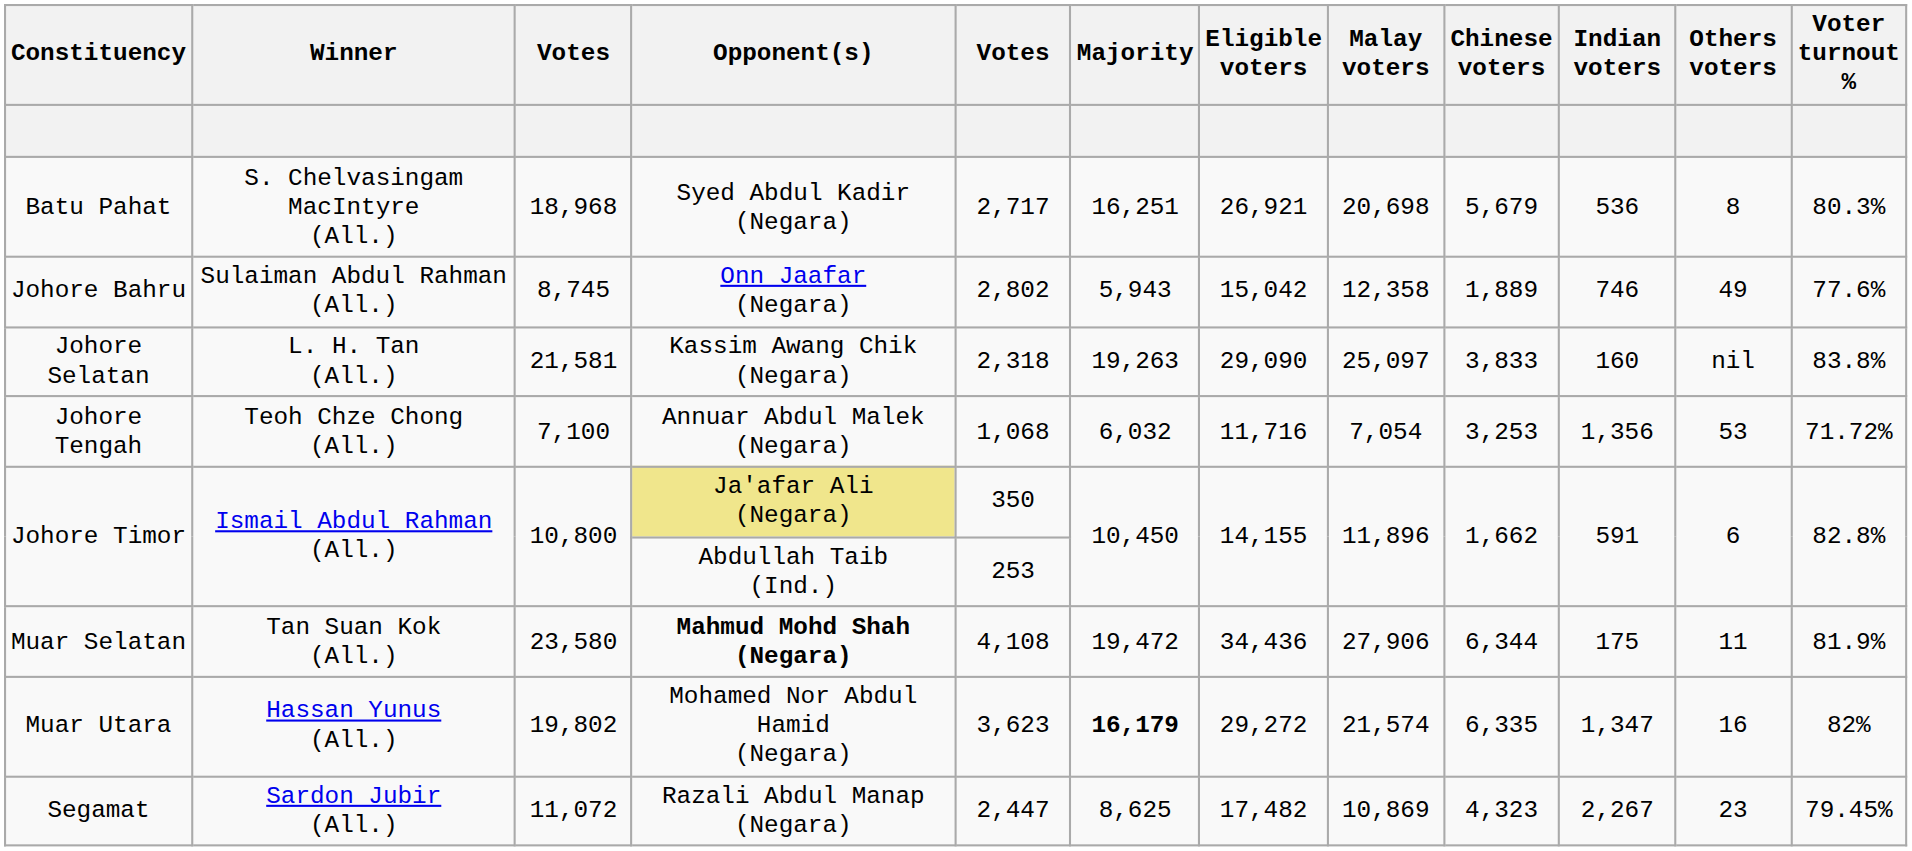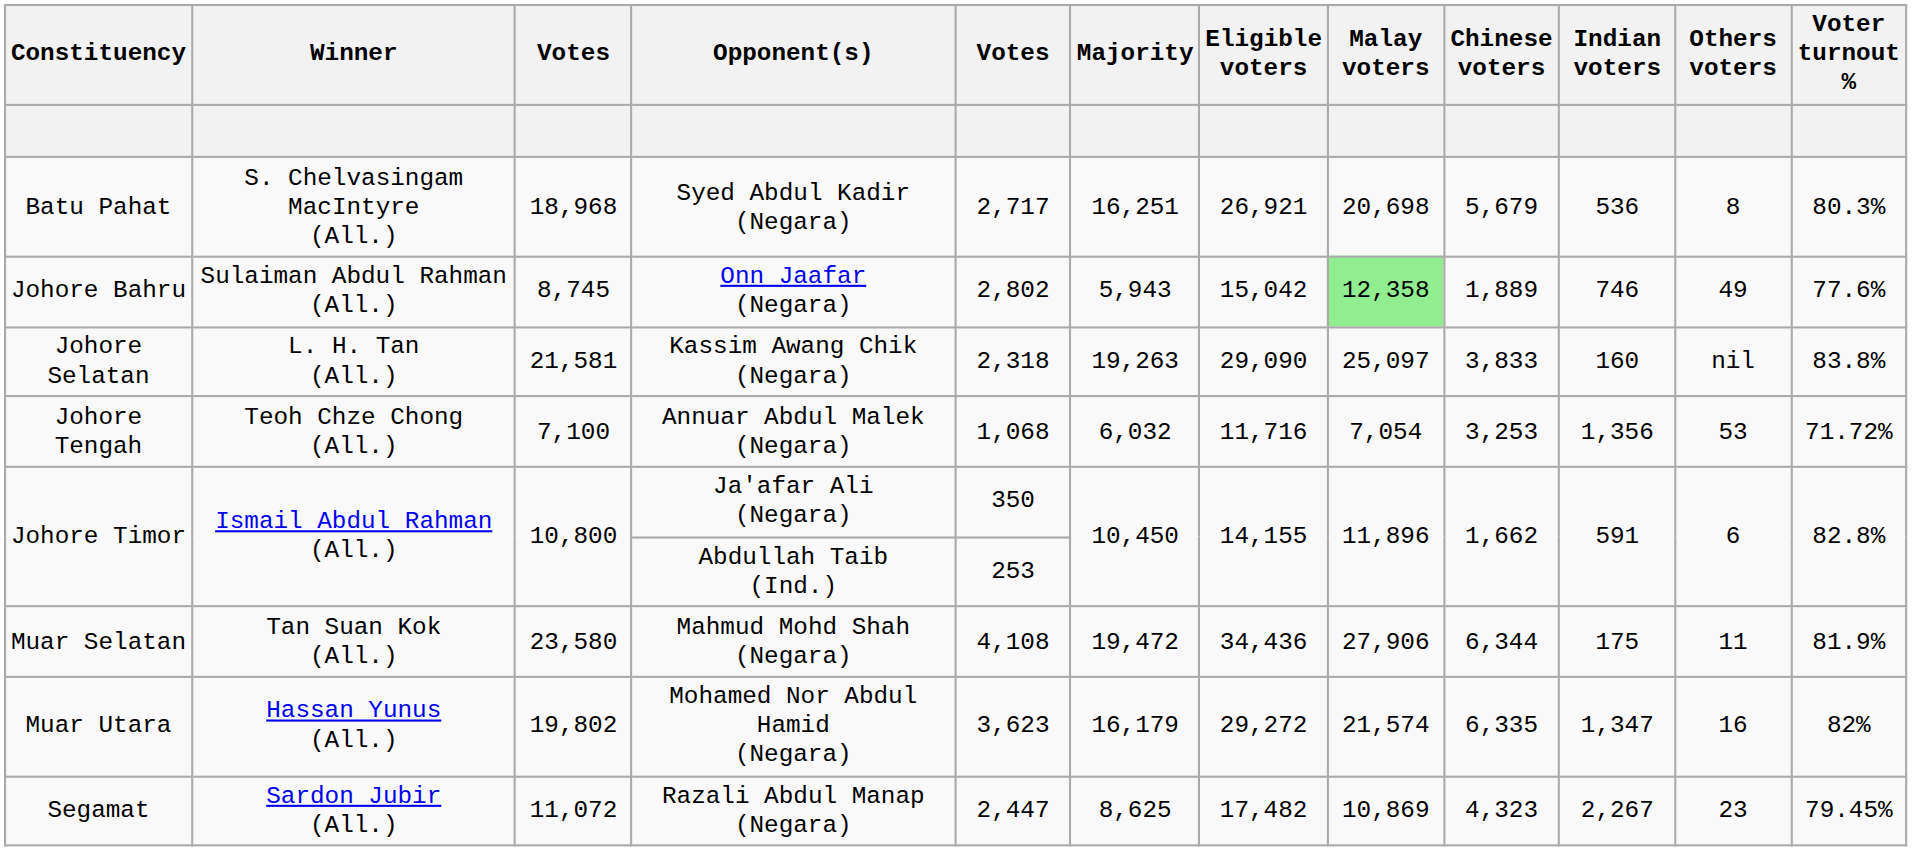 <table class="wikitable sortable" style="text-align:center; font-size:90%">
 <tr>
 <th width="60">Constituency</th>
 <th width="150">Winner</th>
 <th width="50">Votes</th>
 <th width="150">Opponent(s)</th>
 <th width="50">Votes</th>
 <th width="50">Majority</th>
 <th width="50">Eligible voters</th>
 <th width="50">Malay voters</th>
 <th width="50">Chinese voters</th>
 <th width="50">Indian voters</th>
 <th width="50">Others voters</th>
 <th width="50">Voter turnout %</th>
 </tr>
 <tr>
 <th height="20"></th>
 <th></th>
 <th></th>
 <th></th>
 <th></th>
 <th></th>
 <th></th>
 <th></th>
 <th></th>
 <th></th>
 <th></th>
 <th></th>
 </tr>
 <tr>
 <td>Batu Pahat</td>
 <td>S. Chelvasingam MacIntyre<br>(All.)</td>
 <td>18,968</td>
 <td>Syed Abdul Kadir<br>(Negara)</td>
 <td>2,717</td>
 <td>16,251</td>
 <td>26,921</td>
 <td>20,698</td>
 <td>5,679</td>
 <td>536</td>
 <td>8</td>
 <td>80.3%</td>
 </tr>
 <tr>
 <td>Johore Bahru</td>
 <td>Sulaiman Abdul Rahman<br>(All.)</td>
 <td>8,745</td>
 <td><a href='#'>Onn Jaafar</a><br>(Negara)</td>
 <td>2,802</td>
 <td>5,943</td>
 <td>15,042</td>
-<td>12,358</td>
+<td style="background: lightgreen;">12,358</td>
 <td>1,889</td>
 <td>746</td>
 <td>49</td>
 <td>77.6%</td>
 </tr>
 <tr>
 <td>Johore Selatan</td>
 <td>L. H. Tan<br>(All.)</td>
 <td>21,581</td>
 <td>Kassim Awang Chik<br>(Negara)</td>
 <td>2,318</td>
 <td>19,263</td>
 <td>29,090</td>
 <td>25,097</td>
 <td>3,833</td>
 <td>160</td>
 <td>nil</td>
 <td>83.8%</td>
 </tr>
 <tr>
 <td>Johore Tengah</td>
 <td>Teoh Chze Chong<br>(All.)</td>
 <td>7,100</td>
 <td>Annuar Abdul Malek<br>(Negara)</td>
 <td>1,068</td>
 <td>6,032</td>
 <td>11,716</td>
 <td>7,054</td>
 <td>3,253</td>
 <td>1,356</td>
 <td>53</td>
 <td>71.72%</td>
 </tr>
 <tr>
 <td rowspan=2>Johore Timor</td>
 <td rowspan=2><a href='#'>Ismail Abdul Rahman</a><br>(All.)</td>
 <td rowspan=2>10,800</td>
-<td style="background: khaki;">Ja'afar Ali<br>(Negara)</td>
+<td>Ja'afar Ali<br>(Negara)</td>
 <td>350</td>
 <td rowspan=2>10,450</td>
 <td rowspan=2>14,155</td>
 <td rowspan=2>11,896</td>
 <td rowspan=2>1,662</td>
 <td rowspan=2>591</td>
 <td rowspan=2>6</td>
 <td rowspan=2>82.8%</td>
 </tr>
 <tr>
 <td>Abdullah Taib<br>(Ind.)</td>
 <td>253</td>
 </tr>
 <tr>
 <td>Muar Selatan</td>
 <td>Tan Suan Kok<br>(All.)</td>
 <td>23,580</td>
-<td><strong>Mahmud Mohd Shah<br>(Negara)</strong></td>
+<td>Mahmud Mohd Shah<br>(Negara)</td>
 <td>4,108</td>
 <td>19,472</td>
 <td>34,436</td>
 <td>27,906</td>
 <td>6,344</td>
 <td>175</td>
 <td>11</td>
 <td>81.9%</td>
 </tr>
 <tr>
 <td>Muar Utara</td>
 <td><a href='#'>Hassan Yunus</a><br>(All.)</td>
 <td>19,802</td>
 <td>Mohamed Nor Abdul Hamid<br>(Negara)</td>
 <td>3,623</td>
-<td><strong>16,179</strong></td>
+<td>16,179</td>
 <td>29,272</td>
 <td>21,574</td>
 <td>6,335</td>
 <td>1,347</td>
 <td>16</td>
 <td>82%</td>
 </tr>
 <tr>
 <td>Segamat</td>
 <td><a href='#'>Sardon Jubir</a><br>(All.)</td>
 <td>11,072</td>
 <td>Razali Abdul Manap<br>(Negara)</td>
 <td>2,447</td>
 <td>8,625</td>
 <td>17,482</td>
 <td>10,869</td>
 <td>4,323</td>
 <td>2,267</td>
 <td>23</td>
 <td>79.45%</td>
 </tr>
 </table>
